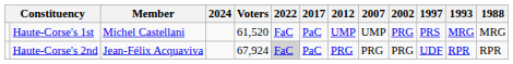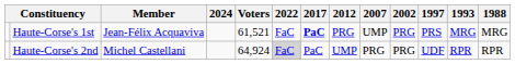 <table class="wikitable sortable">
 <tr>
 <th colspan="2">Constituency</th>
 <th>Member</th>
 <th>2024</th>
 <th>Voters</th>
 <th>2022</th>
 <th>2017</th>
 <th>2012</th>
 <th>2007</th>
 <th>2002</th>
 <th>1997</th>
 <th>1993</th>
 <th>1988</th>
 </tr>
 <tr>
 <td style="background-color: "></td>
 <td><a href='#'>Haute-Corse's 1st</a></td>
-<td><a href='#'>Michel Castellani</a></td>
+<td><a href='#'>Jean-Félix Acquaviva</a></td>
 <td></td>
-<td>61,520</td>
+<td>61,521</td>
 <td><a href='#'>FaC</a></td>
-<td><a href='#'>PaC</a></td>
-<td bgcolor=><a href='#'>UMP</a></td>
+<td><strong><a href='#'>PaC</a></strong></td>
+<td bgcolor=><a href='#'>PRG</a></td>
 <td bgcolor=>UMP</td>
 <td bgcolor=><a href='#'>PRG</a></td>
 <td bgcolor=><a href='#'>PRS</a></td>
 <td bgcolor=><a href='#'>MRG</a></td>
 <td bgcolor=>MRG</td>
 </tr>
 <tr>
 <td style="background-color: "></td>
 <td><a href='#'>Haute-Corse's 2nd</a></td>
-<td><a href='#'>Jean-Félix Acquaviva</a></td>
+<td><a href='#'>Michel Castellani</a></td>
 <td></td>
-<td>67,924</td>
+<td>64,924</td>
 <td style="background: lightgrey;"><a href='#'>FaC</a></td>
 <td><a href='#'>PaC</a></td>
-<td bgcolor=><a href='#'>PRG</a></td>
+<td bgcolor=><a href='#'>UMP</a></td>
 <td bgcolor=>PRG</td>
 <td bgcolor=>PRG</td>
 <td bgcolor=><a href='#'>UDF</a></td>
 <td bgcolor=><a href='#'>RPR</a></td>
 <td bgcolor=>RPR</td>
 </tr>
 </table>
